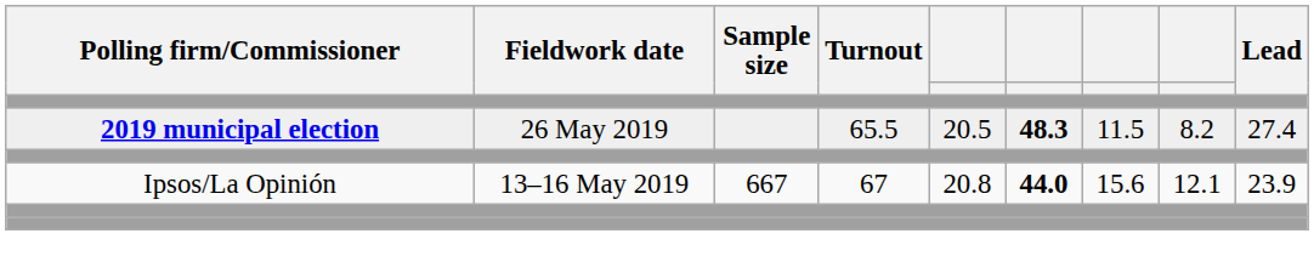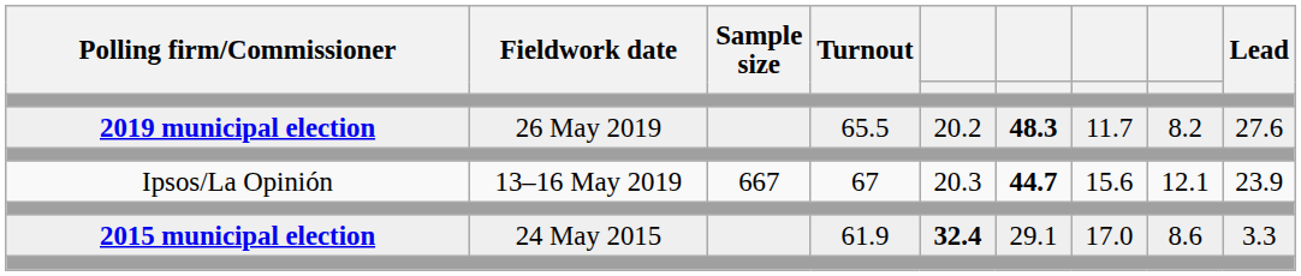 <table class="wikitable collapsible collapsed" style="text-align:center; font-size:95%; line-height:16px;">
 <tr style="height:42px;">
 <th style="width:250px;" rowspan="2">Polling firm/Commissioner</th>
 <th style="width:125px;" rowspan="2">Fieldwork date</th>
 <th style="width:50px;" rowspan="2">Sample size</th>
 <th style="width:45px;" rowspan="2">Turnout</th>
 <th style="width:35px;"></th>
 <th style="width:35px;"></th>
 <th style="width:35px;"></th>
 <th style="width:35px;"></th>
 <th style="width:30px;" rowspan="2">Lead</th>
 </tr>
 <tr>
 <th style="color:inherit;background:"></th>
 <th style="color:inherit;background:"></th>
 <th style="color:inherit;background:"></th>
 <th style="color:inherit;background:"></th>
 </tr>
 <tr>
 <td colspan="9" style="background:#A0A0A0"></td>
 </tr>
 <tr style="background:#EFEFEF;">
 <td><strong><a href='#'>2019 municipal election</a></strong></td>
 <td>26 May 2019</td>
 <td></td>
 <td>65.5</td>
-<td>20.5<br></td>
+<td>20.2<br></td>
 <td><strong>48.3</strong><br></td>
-<td>11.5<br></td>
+<td>11.7<br></td>
 <td>8.2<br></td>
-<td style="background:">27.4</td>
+<td style="background:">27.6</td>
 </tr>
 <tr>
 <td colspan="9" style="background:#A0A0A0"></td>
 </tr>
 <tr>
 <td>Ipsos/La Opinión</td>
 <td>13–16 May 2019</td>
 <td>667</td>
 <td>67</td>
-<td>20.8<br></td>
-<td><strong>44.0</strong><br></td>
+<td>20.3<br></td>
+<td><strong>44.7</strong><br></td>
 <td>15.6<br></td>
 <td>12.1<br></td>
 <td style="background:">23.9</td>
 </tr>
 <tr>
 <td colspan="9" style="background:#A0A0A0"></td>
 </tr>
+<tr style="background:#EFEFEF;">
+<td><strong><a href='#'>2015 municipal election</a></strong></td>
+<td>24 May 2015</td>
+<td></td>
+<td>61.9</td>
+<td><strong>32.4</strong><br></td>
+<td>29.1<br></td>
+<td>17.0<br></td>
+<td>8.6<br></td>
+<td style="background:">3.3</td>
+</tr>
 <tr>
 <td colspan="9" style="background:#A0A0A0"></td>
 </tr>
 </table>
